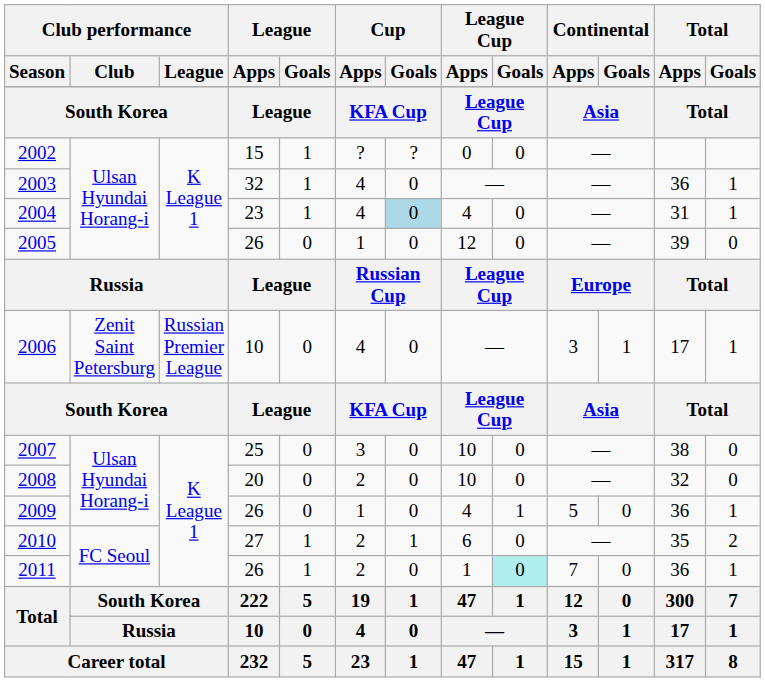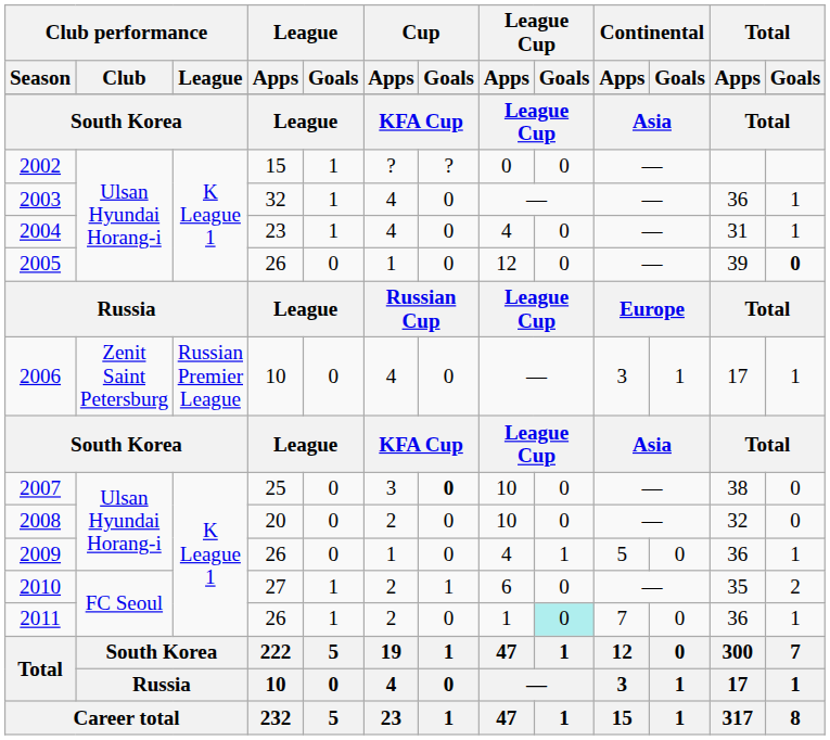 <table class="wikitable" style="text-align:center">
 <tr>
 <th colspan=3>Club performance</th>
 <th colspan=2>League</th>
 <th colspan=2>Cup</th>
 <th colspan=2>League Cup</th>
 <th colspan=2>Continental</th>
 <th colspan=2>Total</th>
 </tr>
 <tr>
 <th>Season</th>
 <th>Club</th>
 <th>League</th>
 <th>Apps</th>
 <th>Goals</th>
 <th>Apps</th>
 <th>Goals</th>
 <th>Apps</th>
 <th>Goals</th>
 <th>Apps</th>
 <th>Goals</th>
 <th>Apps</th>
 <th>Goals</th>
 </tr>
 <tr>
 </tr>
 <tr>
 <th colspan=3>South Korea</th>
 <th colspan=2>League</th>
 <th colspan=2><a href='#'>KFA Cup</a></th>
 <th colspan=2><a href='#'>League Cup</a></th>
 <th colspan=2><a href='#'>Asia</a></th>
 <th colspan=2>Total</th>
 </tr>
 <tr>
 <td><a href='#'>2002</a></td>
 <td rowspan="4"><a href='#'>Ulsan Hyundai Horang-i</a></td>
 <td rowspan="4"><a href='#'>K League 1</a></td>
 <td>15</td>
 <td>1</td>
 <td>?</td>
 <td>?</td>
 <td>0</td>
 <td>0</td>
 <td colspan="2">—</td>
 <td></td>
 <td></td>
 </tr>
 <tr>
 <td><a href='#'>2003</a></td>
 <td>32</td>
 <td>1</td>
 <td>4</td>
 <td>0</td>
 <td colspan="2">—</td>
 <td colspan="2">—</td>
 <td>36</td>
 <td>1</td>
 </tr>
 <tr>
 <td><a href='#'>2004</a></td>
 <td>23</td>
 <td>1</td>
 <td>4</td>
-<td style="background: lightblue;">0</td>
+<td>0</td>
 <td>4</td>
 <td>0</td>
 <td colspan="2">—</td>
 <td>31</td>
 <td>1</td>
 </tr>
 <tr>
 <td><a href='#'>2005</a></td>
 <td>26</td>
 <td>0</td>
 <td>1</td>
 <td>0</td>
 <td>12</td>
 <td>0</td>
 <td colspan="2">—</td>
 <td>39</td>
-<td>0</td>
+<td><strong>0</strong></td>
 </tr>
 <tr>
 <th colspan=3>Russia</th>
 <th colspan=2>League</th>
 <th colspan=2><a href='#'>Russian Cup</a></th>
 <th colspan=2><a href='#'>League Cup</a></th>
 <th colspan=2><a href='#'>Europe</a></th>
 <th colspan=2>Total</th>
 </tr>
 <tr>
 <td><a href='#'>2006</a></td>
 <td><a href='#'>Zenit Saint Petersburg</a></td>
 <td><a href='#'>Russian Premier League</a></td>
 <td>10</td>
 <td>0</td>
 <td>4</td>
 <td>0</td>
 <td colspan="2">—</td>
 <td>3</td>
 <td>1</td>
 <td>17</td>
 <td>1</td>
 </tr>
 <tr>
 <th colspan=3>South Korea</th>
 <th colspan=2>League</th>
 <th colspan=2><a href='#'>KFA Cup</a></th>
 <th colspan=2><a href='#'>League Cup</a></th>
 <th colspan=2><a href='#'>Asia</a></th>
 <th colspan=2>Total</th>
 </tr>
 <tr>
 <td><a href='#'>2007</a></td>
 <td rowspan="3"><a href='#'>Ulsan Hyundai Horang-i</a></td>
 <td rowspan="5"><a href='#'>K League 1</a></td>
 <td>25</td>
 <td>0</td>
 <td>3</td>
-<td>0</td>
+<td><strong>0</strong></td>
 <td>10</td>
 <td>0</td>
 <td colspan="2">—</td>
 <td>38</td>
 <td>0</td>
 </tr>
 <tr>
 <td><a href='#'>2008</a></td>
 <td>20</td>
 <td>0</td>
 <td>2</td>
 <td>0</td>
 <td>10</td>
 <td>0</td>
 <td colspan="2">—</td>
 <td>32</td>
 <td>0</td>
 </tr>
 <tr>
 <td><a href='#'>2009</a></td>
 <td>26</td>
 <td>0</td>
 <td>1</td>
 <td>0</td>
 <td>4</td>
 <td>1</td>
 <td>5</td>
 <td>0</td>
 <td>36</td>
 <td>1</td>
 </tr>
 <tr>
 <td><a href='#'>2010</a></td>
 <td rowspan="2"><a href='#'>FC Seoul</a></td>
 <td>27</td>
 <td>1</td>
 <td>2</td>
 <td>1</td>
 <td>6</td>
 <td>0</td>
 <td colspan="2">—</td>
 <td>35</td>
 <td>2</td>
 </tr>
 <tr>
 <td><a href='#'>2011</a></td>
 <td>26</td>
 <td>1</td>
 <td>2</td>
 <td>0</td>
 <td>1</td>
 <td style="background: paleturquoise;">0</td>
 <td>7</td>
 <td>0</td>
 <td>36</td>
 <td>1</td>
 </tr>
 <tr>
 <th rowspan=2>Total</th>
 <th colspan=2>South Korea</th>
 <th>222</th>
 <th>5</th>
 <th>19</th>
 <th>1</th>
 <th>47</th>
 <th>1</th>
 <th>12</th>
 <th>0</th>
 <th>300</th>
 <th>7</th>
 </tr>
 <tr>
 <th colspan=2>Russia</th>
 <th>10</th>
 <th>0</th>
 <th>4</th>
 <th>0</th>
 <th colspan="2">—</th>
 <th>3</th>
 <th>1</th>
 <th>17</th>
 <th>1</th>
 </tr>
 <tr>
 <th colspan=3>Career total</th>
 <th>232</th>
 <th>5</th>
 <th>23</th>
 <th>1</th>
 <th>47</th>
 <th>1</th>
 <th>15</th>
 <th>1</th>
 <th>317</th>
 <th>8</th>
 </tr>
 </table>
